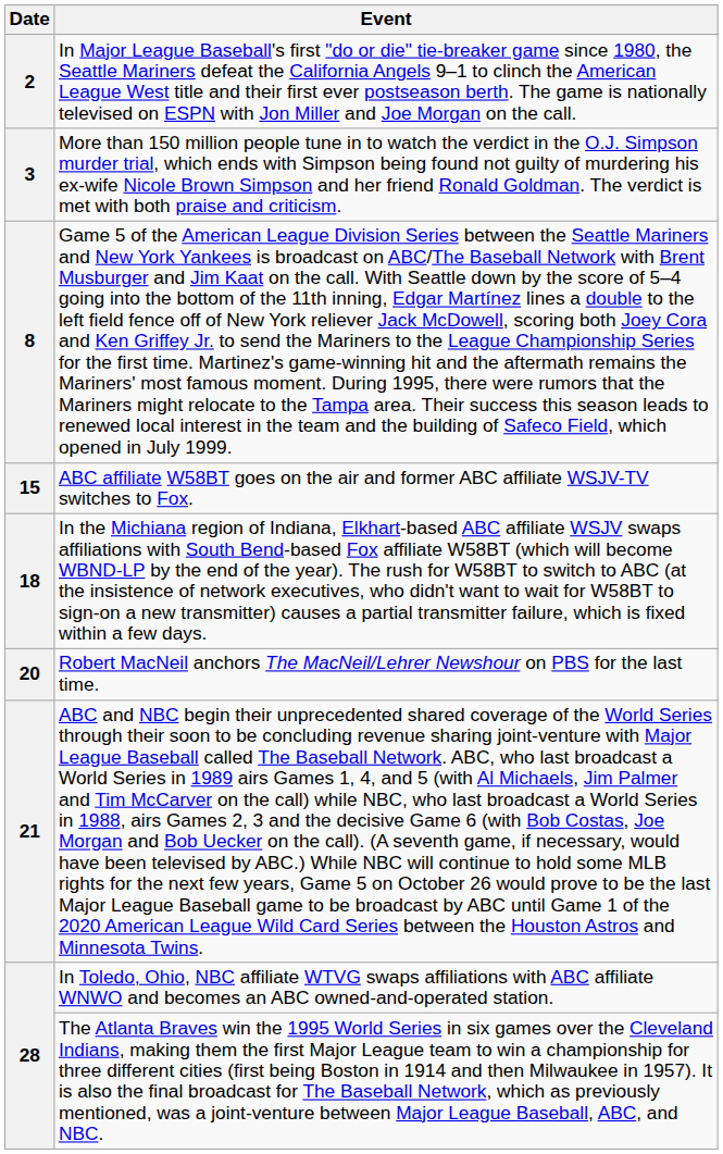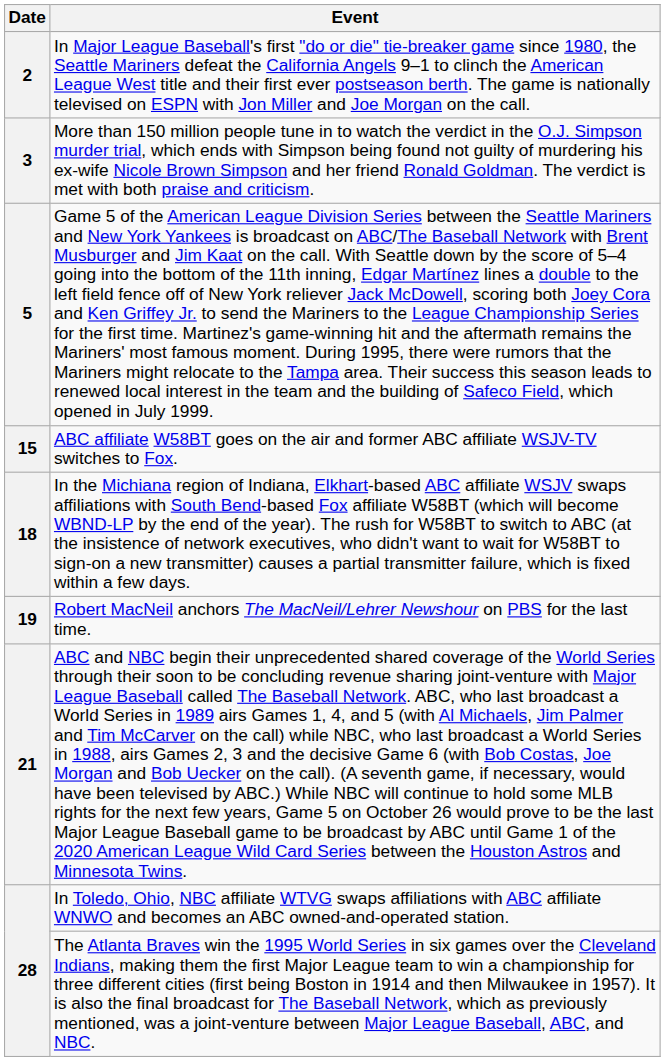 <table class="wikitable">
 <tr>
 <th>Date</th>
 <th>Event</th>
 </tr>
 <tr>
 <th>2</th>
 <td>In <a href='#'>Major League Baseball</a>'s first <a href='#'>"do or die" tie-breaker game</a> since <a href='#'>1980</a>, the <a href='#'>Seattle Mariners</a> defeat the <a href='#'>California Angels</a> 9–1 to clinch the <a href='#'>American League West</a> title and their first ever <a href='#'>postseason berth</a>. The game is nationally televised on <a href='#'>ESPN</a> with <a href='#'>Jon Miller</a> and <a href='#'>Joe Morgan</a> on the call.</td>
 </tr>
 <tr>
 <th>3</th>
 <td>More than 150 million people tune in to watch the verdict in the <a href='#'>O.J. Simpson murder trial</a>, which ends with Simpson being found not guilty of murdering his ex-wife <a href='#'>Nicole Brown Simpson</a> and her friend <a href='#'>Ronald Goldman</a>. The verdict is met with both <a href='#'>praise and criticism</a>.</td>
 </tr>
 <tr>
-<th>8</th>
+<th>5</th>
 <td>Game 5 of the <a href='#'>American League Division Series</a> between the <a href='#'>Seattle Mariners</a> and <a href='#'>New York Yankees</a> is broadcast on <a href='#'>ABC</a>/<a href='#'>The Baseball Network</a> with <a href='#'>Brent Musburger</a> and <a href='#'>Jim Kaat</a> on the call. With Seattle down by the score of 5–4 going into the bottom of the 11th inning, <a href='#'>Edgar Martínez</a> lines a <a href='#'>double</a> to the left field fence off of New York reliever <a href='#'>Jack McDowell</a>, scoring both <a href='#'>Joey Cora</a> and <a href='#'>Ken Griffey Jr.</a> to send the Mariners to the <a href='#'>League Championship Series</a> for the first time. Martinez's game-winning hit and the aftermath remains the Mariners' most famous moment. During 1995, there were rumors that the Mariners might relocate to the <a href='#'>Tampa</a> area. Their success this season leads to renewed local interest in the team and the building of <a href='#'>Safeco Field</a>, which opened in July 1999.</td>
 </tr>
 <tr>
 <th>15</th>
 <td><a href='#'>ABC affiliate</a> <a href='#'>W58BT</a> goes on the air and former ABC affiliate <a href='#'>WSJV-TV</a> switches to <a href='#'>Fox</a>.</td>
 </tr>
 <tr>
 <th>18</th>
 <td>In the <a href='#'>Michiana</a> region of Indiana, <a href='#'>Elkhart</a>-based <a href='#'>ABC</a> affiliate <a href='#'>WSJV</a> swaps affiliations with <a href='#'>South Bend</a>-based <a href='#'>Fox</a> affiliate W58BT (which will become <a href='#'>WBND-LP</a> by the end of the year). The rush for W58BT to switch to ABC (at the insistence of network executives, who didn't want to wait for W58BT to sign-on a new transmitter) causes a partial transmitter failure, which is fixed within a few days.</td>
 </tr>
 <tr>
-<th>20</th>
+<th>19</th>
 <td><a href='#'>Robert MacNeil</a> anchors <em><a href='#'>The MacNeil/Lehrer Newshour</a></em> on <a href='#'>PBS</a> for the last time.</td>
 </tr>
 <tr>
 <th>21</th>
 <td><a href='#'>ABC</a> and <a href='#'>NBC</a> begin their unprecedented shared coverage of the <a href='#'>World Series</a> through their soon to be concluding revenue sharing joint-venture with <a href='#'>Major League Baseball</a> called <a href='#'>The Baseball Network</a>. ABC, who last broadcast a World Series in <a href='#'>1989</a> airs Games 1, 4, and 5 (with <a href='#'>Al Michaels</a>, <a href='#'>Jim Palmer</a> and <a href='#'>Tim McCarver</a> on the call) while NBC, who last broadcast a World Series in <a href='#'>1988</a>, airs Games 2, 3 and the decisive Game 6 (with <a href='#'>Bob Costas</a>, <a href='#'>Joe Morgan</a> and <a href='#'>Bob Uecker</a> on the call). (A seventh game, if necessary, would have been televised by ABC.) While NBC will continue to hold some MLB rights for the next few years, Game 5 on October 26 would prove to be the last Major League Baseball game to be broadcast by ABC until Game 1 of the <a href='#'>2020 American League Wild Card Series</a> between the <a href='#'>Houston Astros</a> and <a href='#'>Minnesota Twins</a>.</td>
 </tr>
 <tr>
 <th rowspan="2">28</th>
 <td>In <a href='#'>Toledo, Ohio</a>, <a href='#'>NBC</a> affiliate <a href='#'>WTVG</a> swaps affiliations with <a href='#'>ABC</a> affiliate <a href='#'>WNWO</a> and becomes an ABC owned-and-operated station.</td>
 </tr>
 <tr>
 <td>The <a href='#'>Atlanta Braves</a> win the <a href='#'>1995 World Series</a> in six games over the <a href='#'>Cleveland Indians</a>, making them the first Major League team to win a championship for three different cities (first being Boston in 1914 and then Milwaukee in 1957). It is also the final broadcast for <a href='#'>The Baseball Network</a>, which as previously mentioned, was a joint-venture between <a href='#'>Major League Baseball</a>, <a href='#'>ABC</a>, and <a href='#'>NBC</a>.</td>
 </tr>
 </table>
